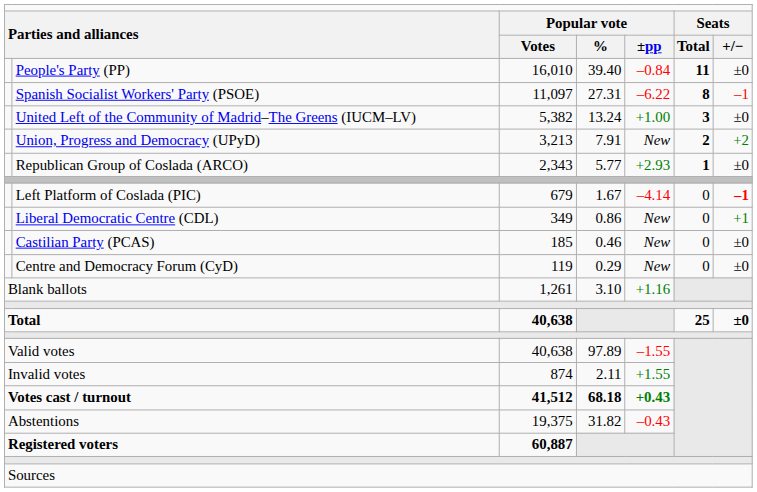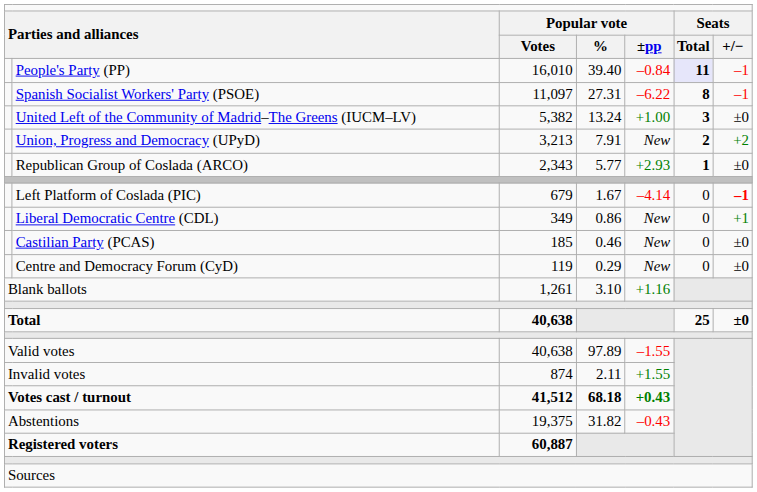 <table class="wikitable" style="text-align:right;">
 <tr>
 <td colspan="7"></td>
 </tr>
 <tr>
 <th style="text-align:left;" rowspan="2" colspan="2" width="525">Parties and alliances</th>
 <th colspan="3">Popular vote</th>
 <th colspan="2">Seats</th>
 </tr>
 <tr>
 <th width="75">Votes</th>
 <th width="45">%</th>
 <th width="45">±<a href='#'>pp</a></th>
 <th width="35">Total</th>
 <th width="35">+/−</th>
 </tr>
 <tr>
 <td width="1" style="color:inherit;background:"></td>
 <td align="left"><a href='#'>People's Party</a> (PP)</td>
 <td>16,010</td>
 <td>39.40</td>
 <td style="color:red;">–0.84</td>
-<td><strong>11</strong></td>
-<td>±0</td>
+<td style="background: lavender;"><strong>11</strong></td>
+<td style="color:red;">–1</td>
 </tr>
 <tr>
 <td style="color:inherit;background:"></td>
 <td align="left"><a href='#'>Spanish Socialist Workers' Party</a> (PSOE)</td>
 <td>11,097</td>
 <td>27.31</td>
 <td style="color:red;">–6.22</td>
 <td><strong>8</strong></td>
 <td style="color:red;">–1</td>
 </tr>
 <tr>
 <td style="color:inherit;background:"></td>
 <td align="left"><a href='#'>United Left of the Community of Madrid</a>–<a href='#'>The Greens</a> (IUCM–LV)</td>
 <td>5,382</td>
 <td>13.24</td>
 <td style="color:green;">+1.00</td>
 <td><strong>3</strong></td>
 <td>±0</td>
 </tr>
 <tr>
 <td style="color:inherit;background:"></td>
 <td align="left"><a href='#'>Union, Progress and Democracy</a> (UPyD)</td>
 <td>3,213</td>
 <td>7.91</td>
 <td><em>New</em></td>
 <td><strong>2</strong></td>
 <td style="color:green;">+2</td>
 </tr>
 <tr>
 <td style="color:inherit;background:"></td>
 <td align="left">Republican Group of Coslada (ARCO)</td>
 <td>2,343</td>
 <td>5.77</td>
 <td style="color:green;">+2.93</td>
 <td><strong>1</strong></td>
 <td>±0</td>
 </tr>
 <tr>
 <td colspan="7" bgcolor="#C0C0C0"></td>
 </tr>
 <tr>
 <td style="color:inherit;background:"></td>
 <td align="left">Left Platform of Coslada (PIC)</td>
 <td>679</td>
 <td>1.67</td>
 <td style="color:red;">–4.14</td>
 <td>0</td>
 <td style="color:red;"><strong>–1</strong></td>
 </tr>
 <tr>
 <td style="color:inherit;background:"></td>
 <td align="left"><a href='#'>Liberal Democratic Centre</a> (CDL)</td>
 <td>349</td>
 <td>0.86</td>
 <td><em>New</em></td>
 <td>0</td>
 <td style="color:green;">+1</td>
 </tr>
 <tr>
 <td style="color:inherit;background:"></td>
 <td align="left"><a href='#'>Castilian Party</a> (PCAS)</td>
 <td>185</td>
 <td>0.46</td>
 <td><em>New</em></td>
 <td>0</td>
 <td>±0</td>
 </tr>
 <tr>
 <td style="color:inherit;background:"></td>
 <td align="left">Centre and Democracy Forum (CyD)</td>
 <td>119</td>
 <td>0.29</td>
 <td><em>New</em></td>
 <td>0</td>
 <td>±0</td>
 </tr>
 <tr>
 <td align="left" colspan="2">Blank ballots</td>
 <td>1,261</td>
 <td>3.10</td>
 <td style="color:green;">+1.16</td>
 <td bgcolor="#E9E9E9" colspan="2"></td>
 </tr>
 <tr>
 <td colspan="7" bgcolor="#E9E9E9"></td>
 </tr>
 <tr style="font-weight:bold;">
 <td align="left" colspan="2">Total</td>
 <td>40,638</td>
 <td bgcolor="#E9E9E9" colspan="2"></td>
 <td>25</td>
 <td>±0</td>
 </tr>
 <tr>
 <td colspan="7" bgcolor="#E9E9E9"></td>
 </tr>
 <tr>
 <td align="left" colspan="2">Valid votes</td>
 <td>40,638</td>
 <td>97.89</td>
 <td style="color:red;">–1.55</td>
 <td bgcolor="#E9E9E9" colspan="2" rowspan="5"></td>
 </tr>
 <tr>
 <td align="left" colspan="2">Invalid votes</td>
 <td>874</td>
 <td>2.11</td>
 <td style="color:green;">+1.55</td>
 </tr>
 <tr style="font-weight:bold;">
 <td align="left" colspan="2">Votes cast / turnout</td>
 <td>41,512</td>
 <td>68.18</td>
 <td style="color:green;">+0.43</td>
 </tr>
 <tr>
 <td align="left" colspan="2">Abstentions</td>
 <td>19,375</td>
 <td>31.82</td>
 <td style="color:red;">–0.43</td>
 </tr>
 <tr style="font-weight:bold;">
 <td align="left" colspan="2">Registered voters</td>
 <td>60,887</td>
 <td bgcolor="#E9E9E9" colspan="2"></td>
 </tr>
 <tr>
 <td colspan="7" bgcolor="#E9E9E9"></td>
 </tr>
 <tr>
 <td align="left" colspan="7">Sources</td>
 </tr>
 </table>
